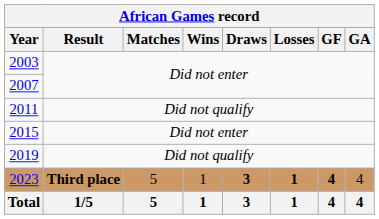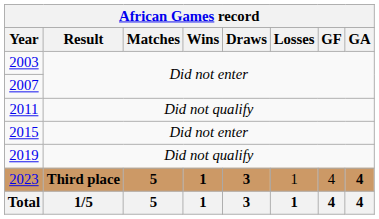 <table class="wikitable" style="text-align: center;">
 <tr>
 <th colspan=8><a href='#'>African Games</a> record</th>
 </tr>
 <tr>
 <th>Year</th>
 <th>Result</th>
 <th>Matches</th>
 <th>Wins</th>
 <th>Draws</th>
 <th>Losses</th>
 <th>GF</th>
 <th>GA</th>
 </tr>
 <tr>
 <td> <a href='#'>2003</a></td>
 <td rowspan=2 colspan=8><em>Did not enter</em></td>
 </tr>
 <tr>
 <td> <a href='#'>2007</a></td>
 </tr>
 <tr>
 <td> <a href='#'>2011</a></td>
 <td colspan=8><em>Did not qualify</em></td>
 </tr>
 <tr>
 <td> <a href='#'>2015</a></td>
 <td colspan=8><em>Did not enter</em></td>
 </tr>
 <tr>
 <td> <a href='#'>2019</a></td>
 <td colspan=8><em>Did not qualify</em></td>
 </tr>
 <tr style="background:#c96;">
 <td> <a href='#'>2023</a></td>
 <td><strong>Third place</strong></td>
-<td>5</td>
+<td><strong>5</strong></td>
+<td><strong>1</strong></td>
+<td><strong>3</strong></td>
 <td>1</td>
-<td><strong>3</strong></td>
-<td><strong>1</strong></td>
+<td>4</td>
 <td><strong>4</strong></td>
-<td>4</td>
 </tr>
 <tr>
 <th>Total</th>
 <th>1/5</th>
 <th>5</th>
 <th>1</th>
 <th>3</th>
 <th>1</th>
 <th>4</th>
 <th>4</th>
 </tr>
 </table>
